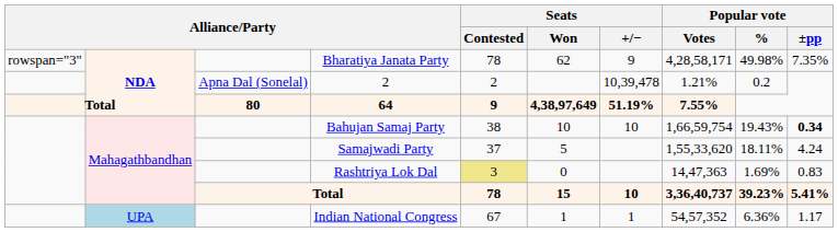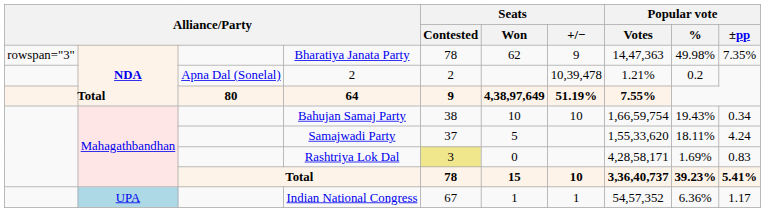 <table class="wikitable sortable" style="text-align:center;">
 <tr>
 <th colspan="4" rowspan="2">Alliance/Party</th>
 <th colspan="3">Seats</th>
 <th colspan="3">Popular vote</th>
 </tr>
 <tr>
 <th>Contested</th>
 <th>Won</th>
 <th><strong>+/−</strong></th>
 <th>Votes</th>
 <th>%</th>
 <th>±<a href='#'>pp</a></th>
 </tr>
 <tr>
 <td>rowspan="3" </td>
 <th rowspan="3"style="background:#fef3e8"><a href='#'>NDA</a></th>
 <td></td>
 <td><a href='#'>Bharatiya Janata Party</a></td>
 <td>78</td>
 <td>62</td>
 <td>9</td>
-<td>4,28,58,171</td>
+<td>14,47,363</td>
 <td>49.98%</td>
 <td>7.35%</td>
 </tr>
 <tr>
 <td></td>
 <td><a href='#'>Apna Dal (Sonelal)</a></td>
 <td>2</td>
 <td>2</td>
 <td></td>
 <td>10,39,478</td>
 <td>1.21%</td>
 <td>0.2</td>
 </tr>
 <tr>
 <th colspan="2"style="background:#fef3e8">Total</th>
 <th style="background:#fef3e8">80</th>
 <th style="background:#fef3e8">64</th>
 <th style="background:#fef3e8">9</th>
 <th style="background:#fef3e8">4,38,97,649</th>
 <th style="background:#fef3e8">51.19%</th>
 <th style="background:#fef3e8"> 7.55%</th>
 </tr>
 <tr>
 <td rowspan=4 bgcolor=></td>
 <td rowspan=4 style="background:#FFE6E6"><a href='#'>Mahagathbandhan</a></td>
 <td></td>
 <td><a href='#'>Bahujan Samaj Party</a></td>
 <td>38</td>
 <td>10</td>
 <td>10</td>
 <td>1,66,59,754</td>
 <td>19.43%</td>
-<td><strong>0.34</strong></td>
+<td>0.34</td>
 </tr>
 <tr>
 <td></td>
 <td><a href='#'>Samajwadi Party</a></td>
 <td>37</td>
 <td>5</td>
 <td></td>
 <td>1,55,33,620</td>
 <td>18.11%</td>
 <td>4.24</td>
 </tr>
 <tr>
 <td></td>
 <td><a href='#'>Rashtriya Lok Dal</a></td>
 <td style="background: khaki;">3</td>
 <td>0</td>
 <td></td>
-<td>14,47,363</td>
+<td>4,28,58,171</td>
 <td>1.69%</td>
 <td>0.83</td>
 </tr>
 <tr>
 <th colspan="2"style="background:#fef3e8">Total</th>
 <th style="background:#fef3e8">78</th>
 <th style="background:#fef3e8">15</th>
 <th style="background:#fef3e8">10</th>
 <th style="background:#fef3e8">3,36,40,737</th>
 <th style="background:#fef3e8">39.23%</th>
 <th style="background:#fef3e8"> 5.41%</th>
 </tr>
 <tr>
 <td bgcolor=></td>
 <td style="background:#ADD8E6"><a href='#'>UPA</a></td>
 <td></td>
 <td><a href='#'>Indian National Congress</a></td>
 <td>67</td>
 <td>1</td>
 <td>1</td>
 <td>54,57,352</td>
 <td>6.36%</td>
 <td>1.17</td>
 </tr>
 </table>
